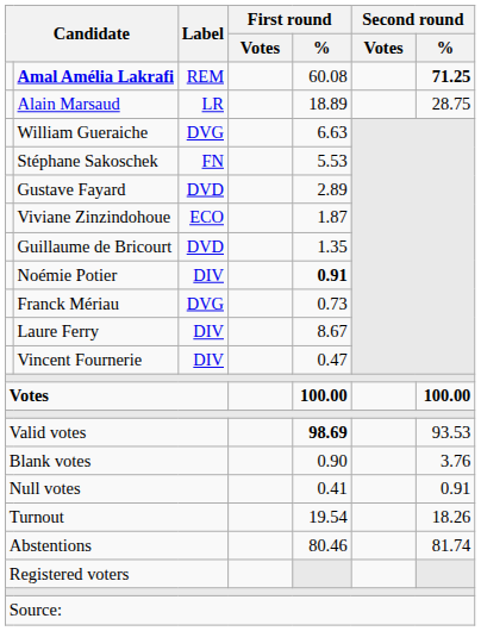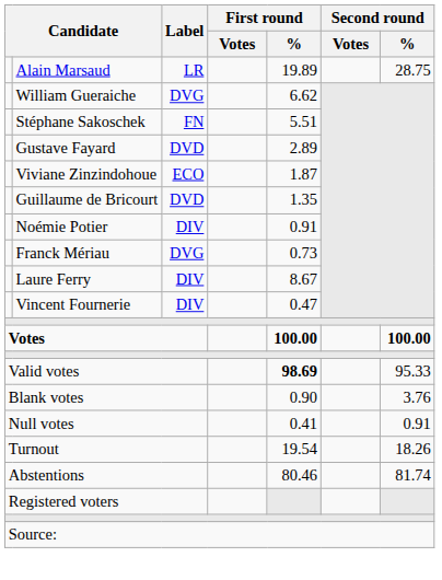 <table class="wikitable" style="text-align:right;font-size:95%;">
 <tr>
 <th colspan="2" rowspan="2">Candidate</th>
 <th rowspan="2">Label</th>
 <th colspan="2">First round</th>
 <th colspan="2">Second round</th>
 </tr>
 <tr>
 <th style="width:50px;">Votes</th>
 <th style="width:45px;">%</th>
 <th style="width:50px;">Votes</th>
 <th style="width:45px;">%</th>
 </tr>
 <tr>
 <td style="color:inherit;background:"></td>
-<td style="text-align:left;"><strong><a href='#'>Amal Amélia Lakrafi</a></strong></td>
-<td><a href='#'>REM</a></td>
-<td></td>
-<td>60.08</td>
-<td><strong></strong></td>
-<td><strong>71.25</strong></td>
-</tr>
-<tr>
-<td style="color:inherit;background:"></td>
 <td style="text-align:left;"><a href='#'>Alain Marsaud</a></td>
 <td><a href='#'>LR</a></td>
 <td></td>
-<td>18.89</td>
+<td>19.89</td>
 <td></td>
 <td>28.75</td>
 </tr>
 <tr>
 <td style="color:inherit;background:"></td>
 <td style="text-align:left;">William Gueraiche</td>
 <td><a href='#'>DVG</a></td>
 <td></td>
-<td>6.63</td>
+<td>6.62</td>
 <td colspan="2" rowspan="9" style="background:#E9E9E9;"></td>
 </tr>
 <tr>
 <td style="color:inherit;background:"></td>
 <td style="text-align:left;">Stéphane Sakoschek</td>
 <td><a href='#'>FN</a></td>
 <td></td>
-<td>5.53</td>
+<td>5.51</td>
 </tr>
 <tr>
 <td style="color:inherit;background:"></td>
 <td style="text-align:left;">Gustave Fayard</td>
 <td><a href='#'>DVD</a></td>
 <td></td>
 <td>2.89</td>
 </tr>
 <tr>
 <td style="color:inherit;background:"></td>
 <td style="text-align:left;">Viviane Zinzindohoue</td>
 <td><a href='#'>ECO</a></td>
 <td></td>
 <td>1.87</td>
 </tr>
 <tr>
 <td style="color:inherit;background:"></td>
 <td style="text-align:left;">Guillaume de Bricourt</td>
 <td><a href='#'>DVD</a></td>
 <td></td>
 <td>1.35</td>
 </tr>
 <tr>
 <td style="color:inherit;background:"></td>
 <td style="text-align:left;">Noémie Potier</td>
 <td><a href='#'>DIV</a></td>
 <td></td>
-<td><strong>0.91</strong></td>
+<td>0.91</td>
 </tr>
 <tr>
 <td style="color:inherit;background:"></td>
 <td style="text-align:left;">Franck Mériau</td>
 <td><a href='#'>DVG</a></td>
 <td></td>
 <td>0.73</td>
 </tr>
 <tr>
 <td style="color:inherit;background:"></td>
 <td style="text-align:left;">Laure Ferry</td>
 <td><a href='#'>DIV</a></td>
 <td></td>
 <td>8.67</td>
 </tr>
 <tr>
 <td style="color:inherit;background:"></td>
 <td style="text-align:left;">Vincent Fournerie</td>
 <td><a href='#'>DIV</a></td>
 <td></td>
 <td>0.47</td>
 </tr>
 <tr>
 <td colspan="7" style="background:#E9E9E9;"></td>
 </tr>
 <tr style="font-weight:bold;">
 <td colspan="3" style="text-align:left;">Votes</td>
 <td></td>
 <td>100.00</td>
 <td></td>
 <td>100.00</td>
 </tr>
 <tr>
 <td colspan="7" style="background:#E9E9E9;"></td>
 </tr>
 <tr>
 <td colspan="3" style="text-align:left;">Valid votes</td>
 <td></td>
 <td><strong>98.69</strong></td>
 <td></td>
-<td>93.53</td>
+<td>95.33</td>
 </tr>
 <tr>
 <td colspan="3" style="text-align:left;">Blank votes</td>
 <td></td>
 <td>0.90</td>
 <td></td>
 <td>3.76</td>
 </tr>
 <tr>
 <td colspan="3" style="text-align:left;">Null votes</td>
 <td></td>
 <td>0.41</td>
 <td></td>
 <td>0.91</td>
 </tr>
 <tr>
 <td colspan="3" style="text-align:left;">Turnout</td>
 <td></td>
 <td>19.54</td>
 <td></td>
 <td>18.26</td>
 </tr>
 <tr>
 <td colspan="3" style="text-align:left;">Abstentions</td>
 <td></td>
 <td>80.46</td>
 <td></td>
 <td>81.74</td>
 </tr>
 <tr>
 <td colspan="3" style="text-align:left;">Registered voters</td>
 <td></td>
 <td style="background:#E9E9E9;"></td>
 <td></td>
 <td style="background:#E9E9E9;"></td>
 </tr>
 <tr>
 <td colspan="7" style="background:#E9E9E9;"></td>
 </tr>
 <tr>
 <td colspan="7" style="text-align:left;">Source: </td>
 </tr>
 </table>
